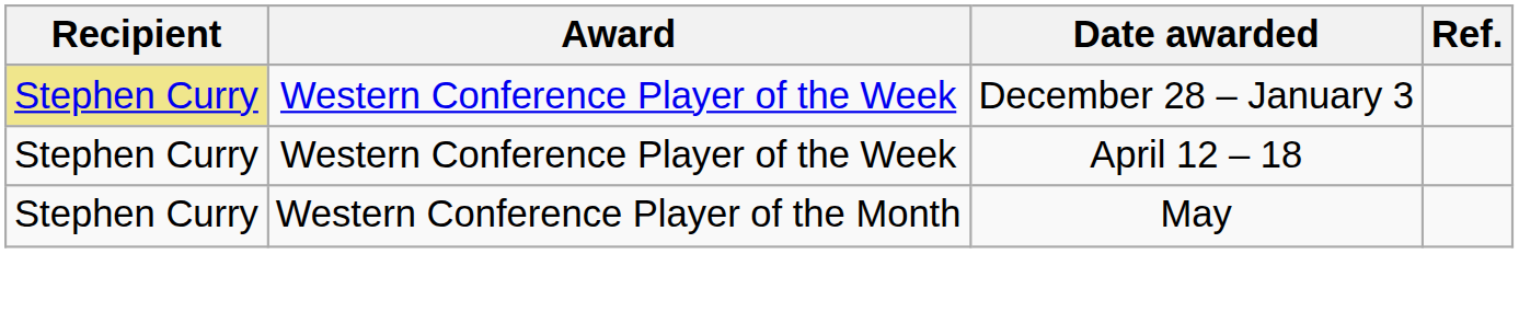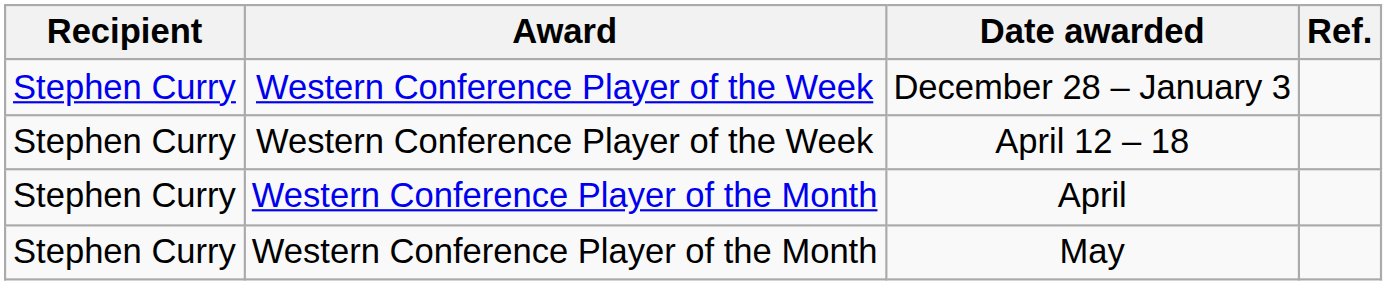 <table class="wikitable sortable mw-collapsible" style="text-align: center">
 <tr>
 <th>Recipient</th>
 <th>Award</th>
 <th>Date awarded</th>
 <th>Ref.</th>
 </tr>
 <tr>
-<td style="background: khaki;"><a href='#'>Stephen Curry</a></td>
+<td><a href='#'>Stephen Curry</a></td>
 <td><a href='#'>Western Conference Player of the Week</a></td>
 <td>December 28 – January 3</td>
 <td></td>
 </tr>
 <tr>
 <td>Stephen Curry</td>
 <td>Western Conference Player of the Week</td>
 <td>April 12 – 18</td>
 <td></td>
 </tr>
 <tr>
 <td>Stephen Curry</td>
+<td><a href='#'>Western Conference Player of the Month</a></td>
+<td>April</td>
+<td></td>
+</tr>
+<tr>
+<td>Stephen Curry</td>
 <td>Western Conference Player of the Month</td>
 <td>May</td>
 <td></td>
 </tr>
 </table>
